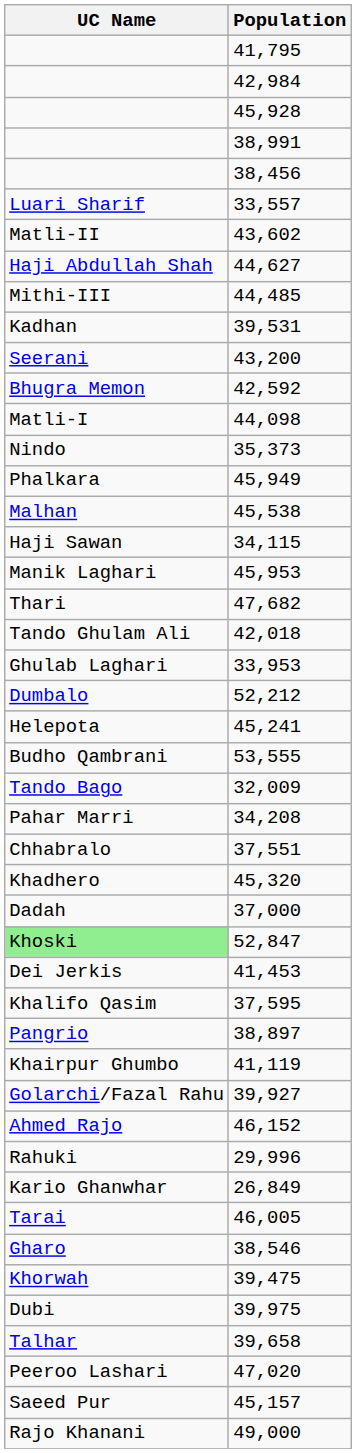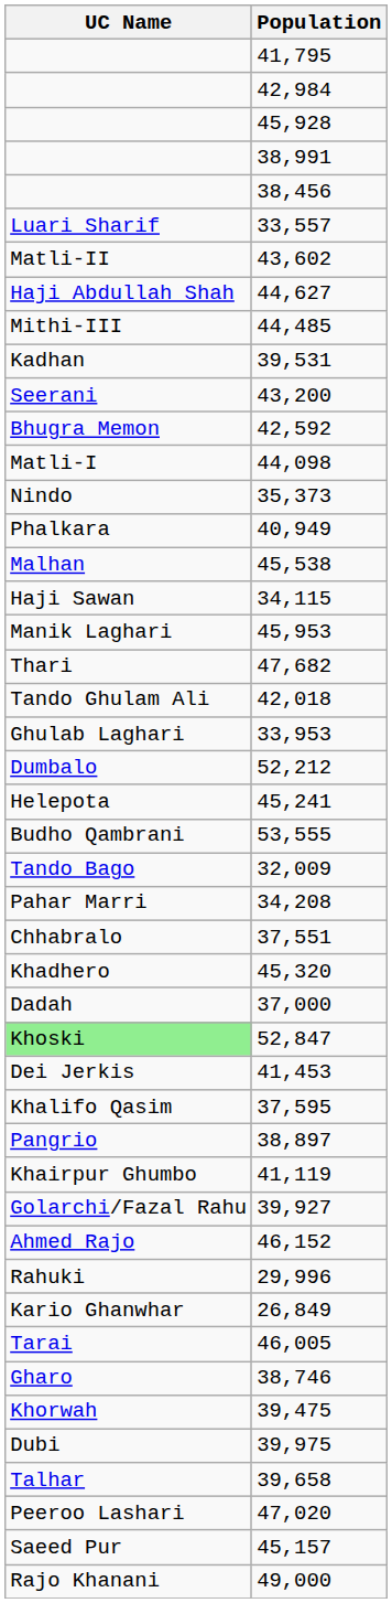 <table class="wikitable sortable">
 <tr>
 <th>UC Name</th>
 <th>Population</th>
 </tr>
 <tr>
 <td></td>
 <td>41,795</td>
 </tr>
 <tr>
 <td></td>
 <td>42,984</td>
 </tr>
 <tr>
 <td></td>
 <td>45,928</td>
 </tr>
 <tr>
 <td></td>
 <td>38,991</td>
 </tr>
 <tr>
 <td></td>
 <td>38,456</td>
 </tr>
 <tr>
 <td><a href='#'>Luari Sharif</a></td>
 <td>33,557</td>
 </tr>
 <tr>
 <td>Matli-II</td>
 <td>43,602</td>
 </tr>
 <tr>
 <td><a href='#'>Haji Abdullah Shah</a></td>
 <td>44,627</td>
 </tr>
 <tr>
 <td>Mithi-III</td>
 <td>44,485</td>
 </tr>
 <tr>
 <td>Kadhan</td>
 <td>39,531</td>
 </tr>
 <tr>
 <td><a href='#'>Seerani</a></td>
 <td>43,200</td>
 </tr>
 <tr>
 <td><a href='#'>Bhugra Memon</a></td>
 <td>42,592</td>
 </tr>
 <tr>
 <td>Matli-I</td>
 <td>44,098</td>
 </tr>
 <tr>
 <td>Nindo</td>
 <td>35,373</td>
 </tr>
 <tr>
 <td>Phalkara</td>
-<td>45,949</td>
+<td>40,949</td>
 </tr>
 <tr>
 <td><a href='#'>Malhan</a></td>
 <td>45,538</td>
 </tr>
 <tr>
 <td>Haji Sawan</td>
 <td>34,115</td>
 </tr>
 <tr>
 <td>Manik Laghari</td>
 <td>45,953</td>
 </tr>
 <tr>
 <td>Thari</td>
 <td>47,682</td>
 </tr>
 <tr>
 <td>Tando Ghulam Ali</td>
 <td>42,018</td>
 </tr>
 <tr>
 <td>Ghulab Laghari</td>
 <td>33,953</td>
 </tr>
 <tr>
 <td><a href='#'>Dumbalo</a></td>
 <td>52,212</td>
 </tr>
 <tr>
 <td>Helepota</td>
 <td>45,241</td>
 </tr>
 <tr>
 <td>Budho Qambrani</td>
 <td>53,555</td>
 </tr>
 <tr>
 <td><a href='#'>Tando Bago</a></td>
 <td>32,009</td>
 </tr>
 <tr>
 <td>Pahar Marri</td>
 <td>34,208</td>
 </tr>
 <tr>
 <td>Chhabralo</td>
 <td>37,551</td>
 </tr>
 <tr>
 <td>Khadhero</td>
 <td>45,320</td>
 </tr>
 <tr>
 <td>Dadah</td>
 <td>37,000</td>
 </tr>
 <tr>
 <td style="background: lightgreen;">Khoski</td>
 <td>52,847</td>
 </tr>
 <tr>
 <td>Dei Jerkis</td>
 <td>41,453</td>
 </tr>
 <tr>
 <td>Khalifo Qasim</td>
 <td>37,595</td>
 </tr>
 <tr>
 <td><a href='#'>Pangrio</a></td>
 <td>38,897</td>
 </tr>
 <tr>
 <td>Khairpur Ghumbo</td>
 <td>41,119</td>
 </tr>
 <tr>
 <td><a href='#'>Golarchi</a>/Fazal Rahu</td>
 <td>39,927</td>
 </tr>
 <tr>
 <td><a href='#'>Ahmed Rajo</a></td>
 <td>46,152</td>
 </tr>
 <tr>
 <td>Rahuki</td>
 <td>29,996</td>
 </tr>
 <tr>
 <td>Kario Ghanwhar</td>
 <td>26,849</td>
 </tr>
 <tr>
 <td><a href='#'>Tarai</a></td>
 <td>46,005</td>
 </tr>
 <tr>
 <td><a href='#'>Gharo</a></td>
-<td>38,546</td>
+<td>38,746</td>
 </tr>
 <tr>
 <td><a href='#'>Khorwah</a></td>
 <td>39,475</td>
 </tr>
 <tr>
 <td>Dubi</td>
 <td>39,975</td>
 </tr>
 <tr>
 <td><a href='#'>Talhar</a></td>
 <td>39,658</td>
 </tr>
 <tr>
 <td>Peeroo Lashari</td>
 <td>47,020</td>
 </tr>
 <tr>
 <td>Saeed Pur</td>
 <td>45,157</td>
 </tr>
 <tr>
 <td>Rajo Khanani</td>
 <td>49,000</td>
 </tr>
 </table>
